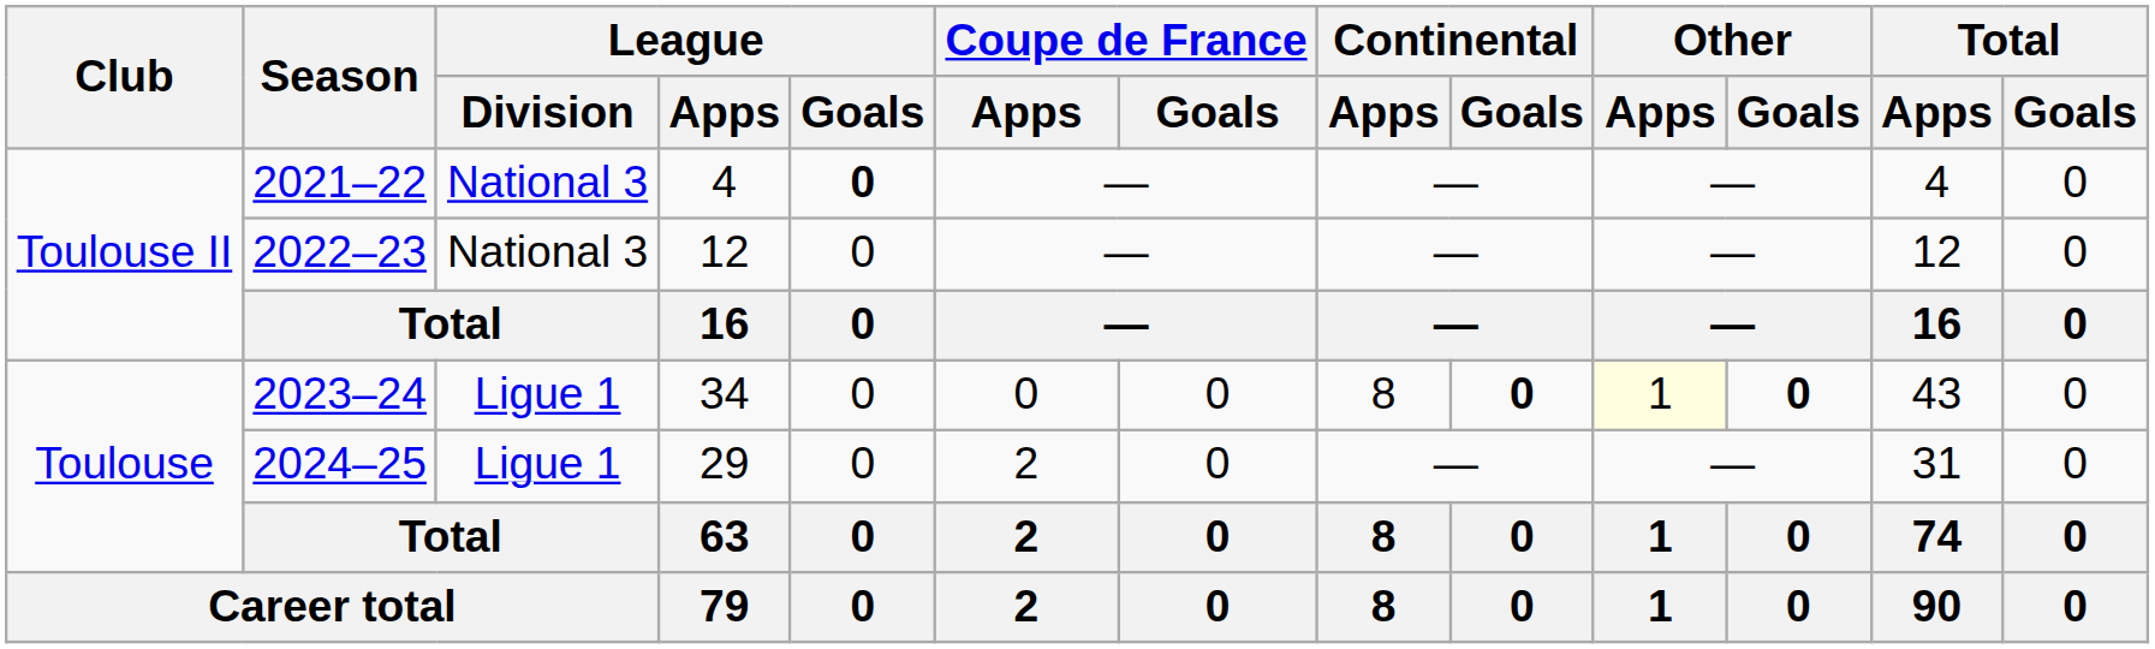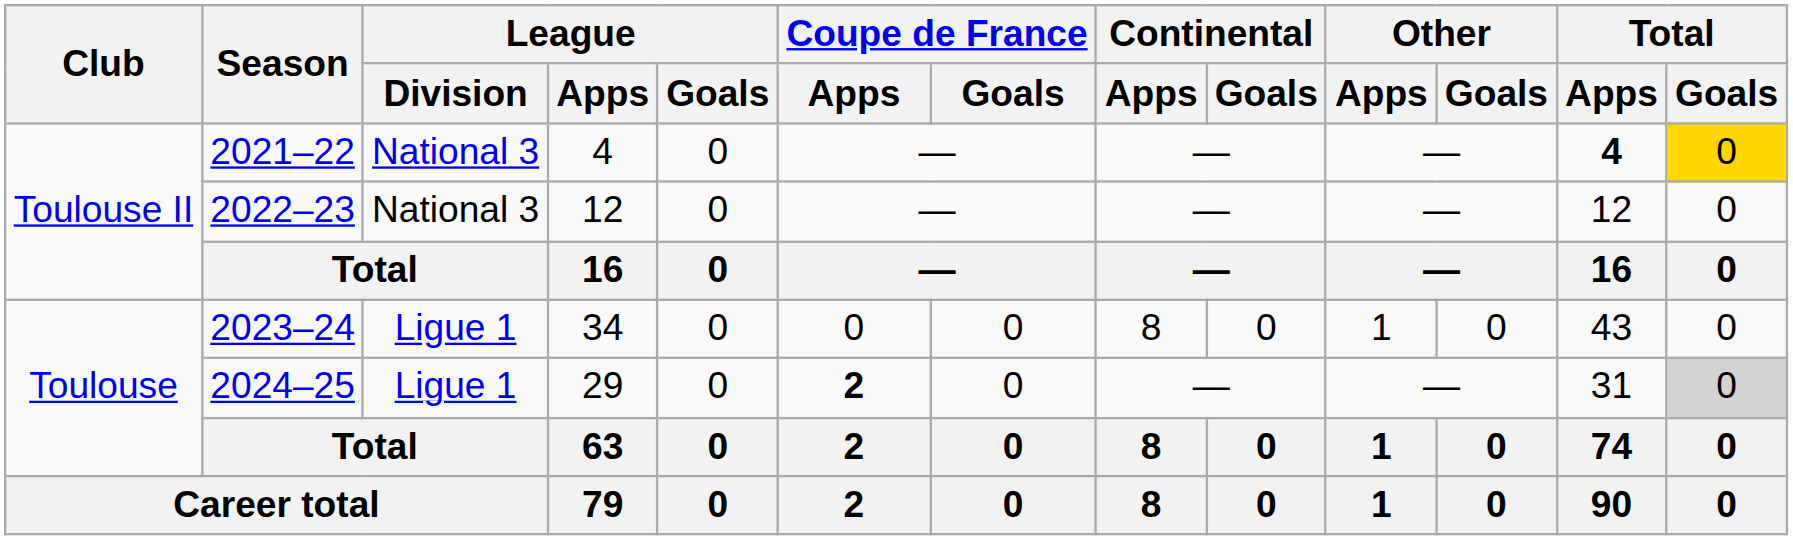 <table class="wikitable" style="text-align: center;">
 <tr>
 <th rowspan="2">Club</th>
 <th rowspan="2">Season</th>
 <th colspan="3">League</th>
 <th colspan="2"><a href='#'>Coupe de France</a></th>
 <th colspan="2">Continental</th>
 <th colspan="2">Other</th>
 <th colspan="2">Total</th>
 </tr>
 <tr>
 <th>Division</th>
 <th>Apps</th>
 <th>Goals</th>
 <th>Apps</th>
 <th>Goals</th>
 <th>Apps</th>
 <th>Goals</th>
 <th>Apps</th>
 <th>Goals</th>
 <th>Apps</th>
 <th>Goals</th>
 </tr>
 <tr>
 <td rowspan="3"><a href='#'>Toulouse II</a></td>
 <td><a href='#'>2021–22</a></td>
 <td><a href='#'>National 3</a></td>
 <td>4</td>
-<td><strong>0</strong></td>
+<td>0</td>
 <td colspan="2">—</td>
 <td colspan="2">—</td>
 <td colspan="2">—</td>
-<td>4</td>
-<td>0</td>
+<td><strong>4</strong></td>
+<td style="background: gold;">0</td>
 </tr>
 <tr>
 <td><a href='#'>2022–23</a></td>
 <td>National 3</td>
 <td>12</td>
 <td>0</td>
 <td colspan="2">—</td>
 <td colspan="2">—</td>
 <td colspan="2">—</td>
 <td>12</td>
 <td>0</td>
 </tr>
 <tr>
 <th colspan="2">Total</th>
 <th>16</th>
 <th>0</th>
 <th colspan="2">—</th>
 <th colspan="2">—</th>
 <th colspan="2">—</th>
 <th>16</th>
 <th>0</th>
 </tr>
 <tr>
 <td rowspan="3"><a href='#'>Toulouse</a></td>
 <td><a href='#'>2023–24</a></td>
 <td><a href='#'>Ligue 1</a></td>
 <td>34</td>
 <td>0</td>
 <td>0</td>
 <td>0</td>
 <td>8</td>
-<td><strong>0</strong></td>
-<td style="background: lightyellow;">1</td>
-<td><strong>0</strong></td>
+<td>0</td>
+<td>1</td>
+<td>0</td>
 <td>43</td>
 <td>0</td>
 </tr>
 <tr>
 <td><a href='#'>2024–25</a></td>
 <td><a href='#'>Ligue 1</a></td>
 <td>29</td>
 <td>0</td>
-<td>2</td>
+<td><strong>2</strong></td>
 <td>0</td>
 <td colspan="2">—</td>
 <td colspan="2">—</td>
 <td>31</td>
-<td>0</td>
+<td style="background: lightgrey;">0</td>
 </tr>
 <tr>
 <th colspan="2">Total</th>
 <th>63</th>
 <th>0</th>
 <th>2</th>
 <th>0</th>
 <th>8</th>
 <th>0</th>
 <th>1</th>
 <th>0</th>
 <th>74</th>
 <th>0</th>
 </tr>
 <tr>
 <th colspan="3">Career total</th>
 <th>79</th>
 <th>0</th>
 <th>2</th>
 <th>0</th>
 <th>8</th>
 <th>0</th>
 <th>1</th>
 <th>0</th>
 <th>90</th>
 <th>0</th>
 </tr>
 </table>
